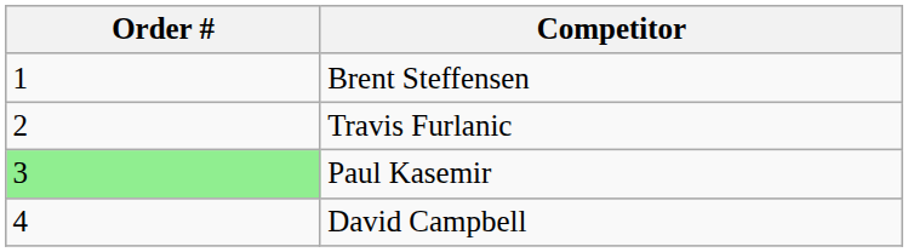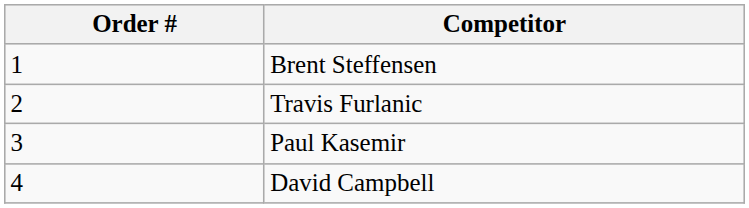 <table class="wikitable" style="width:30%;">
 <tr>
 <th>Order #</th>
 <th>Competitor</th>
 </tr>
 <tr>
 <td>1</td>
 <td>Brent Steffensen</td>
 </tr>
 <tr>
 <td>2</td>
 <td>Travis Furlanic</td>
 </tr>
 <tr>
-<td style="background: lightgreen;">3</td>
+<td>3</td>
 <td>Paul Kasemir</td>
 </tr>
 <tr>
 <td>4</td>
 <td>David Campbell</td>
 </tr>
 </table>
